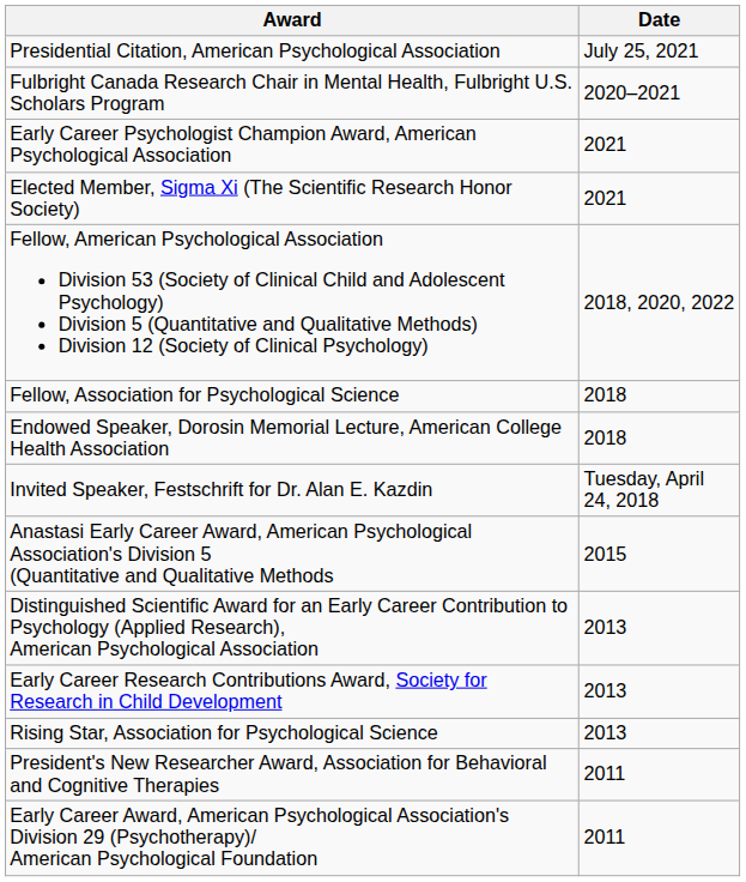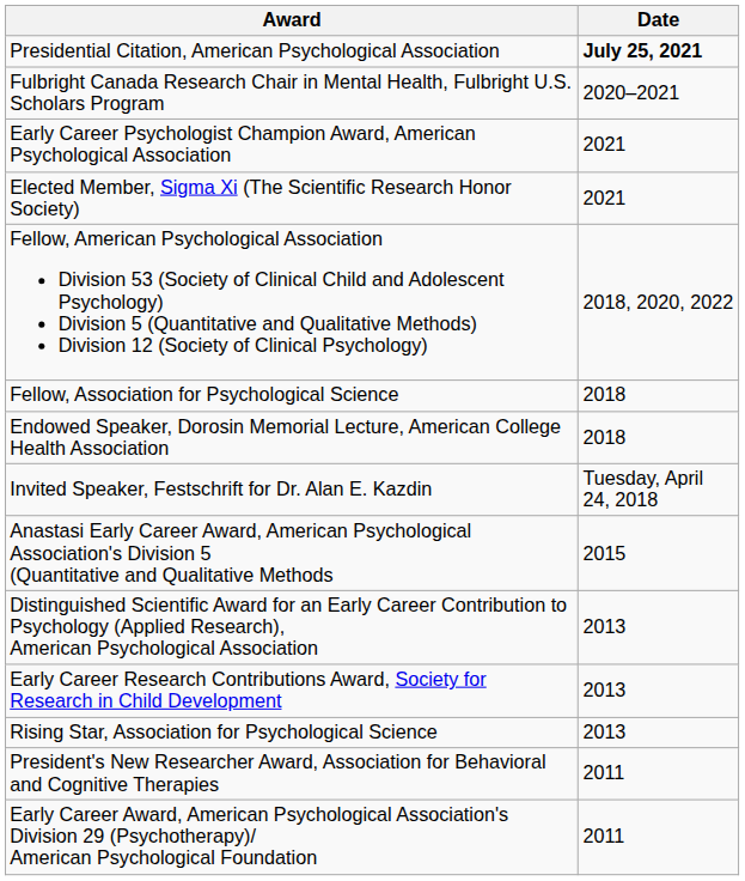 <table class="wikitable">
 <tr>
 <th>Award</th>
 <th>Date</th>
 </tr>
 <tr>
 <td>Presidential Citation, American Psychological Association</td>
-<td>July 25, 2021</td>
+<td><strong>July 25, 2021</strong></td>
 </tr>
 <tr>
 <td>Fulbright Canada Research Chair in Mental Health, Fulbright U.S. Scholars Program</td>
 <td>2020–2021</td>
 </tr>
 <tr>
 <td>Early Career Psychologist Champion Award, American Psychological Association</td>
 <td>2021</td>
 </tr>
 <tr>
 <td>Elected Member, <a href='#'>Sigma Xi</a> (The Scientific Research Honor Society)</td>
 <td>2021</td>
 </tr>
 <tr>
 <td>Fellow, American Psychological Association<br><ul><li>Division 53 (Society of Clinical Child and Adolescent Psychology)</li><li>Division 5 (Quantitative and Qualitative Methods)</li><li>Division 12 (Society of Clinical Psychology)</li></ul></td>
 <td>2018, 2020, 2022</td>
 </tr>
 <tr>
 <td>Fellow, Association for Psychological Science</td>
 <td>2018</td>
 </tr>
 <tr>
 <td>Endowed Speaker, Dorosin Memorial Lecture, American College Health Association</td>
 <td>2018</td>
 </tr>
 <tr>
 <td>Invited Speaker, Festschrift for Dr. Alan E. Kazdin</td>
 <td>Tuesday, April 24, 2018</td>
 </tr>
 <tr>
 <td>Anastasi Early Career Award, American Psychological Association's Division 5<br>(Quantitative and Qualitative Methods</td>
 <td>2015</td>
 </tr>
 <tr>
 <td>Distinguished Scientific Award for an Early Career Contribution to Psychology (Applied Research),<br>American Psychological Association</td>
 <td>2013</td>
 </tr>
 <tr>
 <td>Early Career Research Contributions Award, <a href='#'>Society for Research in Child Development</a></td>
 <td>2013</td>
 </tr>
 <tr>
 <td>Rising Star, Association for Psychological Science</td>
 <td>2013</td>
 </tr>
 <tr>
 <td>President's New Researcher Award, Association for Behavioral and Cognitive Therapies</td>
 <td>2011</td>
 </tr>
 <tr>
 <td>Early Career Award, American Psychological Association's Division 29 (Psychotherapy)/<br>American Psychological Foundation</td>
 <td>2011</td>
 </tr>
 </table>
